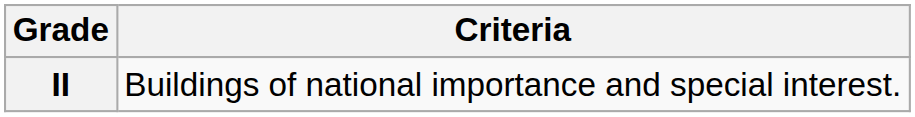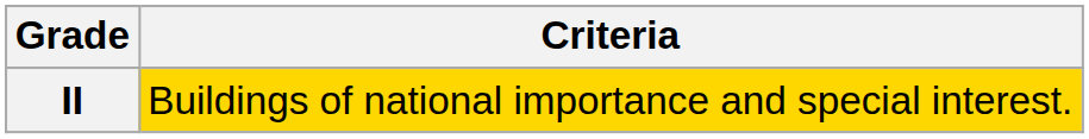 <table class="wikitable" border="1">
 <tr>
 <th>Grade</th>
 <th>Criteria</th>
 </tr>
 <tr>
 <th>II</th>
-<td>Buildings of national importance and special interest.</td>
+<td style="background: gold;">Buildings of national importance and special interest.</td>
 </tr>
 </table>
